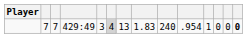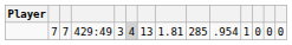 <table class="wikitable sortable" style="text-align:center;">
 <tr>
 <th>Player</th>
 <th></th>
 <th></th>
 <th></th>
 <th></th>
 <th></th>
 <th></th>
 <th></th>
 <th></th>
 <th></th>
 <th></th>
 <th></th>
 <th></th>
 <th></th>
 </tr>
 <tr>
 <td></td>
 <td>7</td>
 <td>7</td>
 <td>429:49</td>
 <td>3</td>
 <td style="background: lightgrey;">4</td>
 <td>13</td>
-<td>1.83</td>
-<td>240</td>
+<td>1.81</td>
+<td>285</td>
 <td>.954</td>
 <td>1</td>
 <td>0</td>
 <td>0</td>
-<td><strong>0</strong></td>
+<td>0</td>
 </tr>
 </table>
